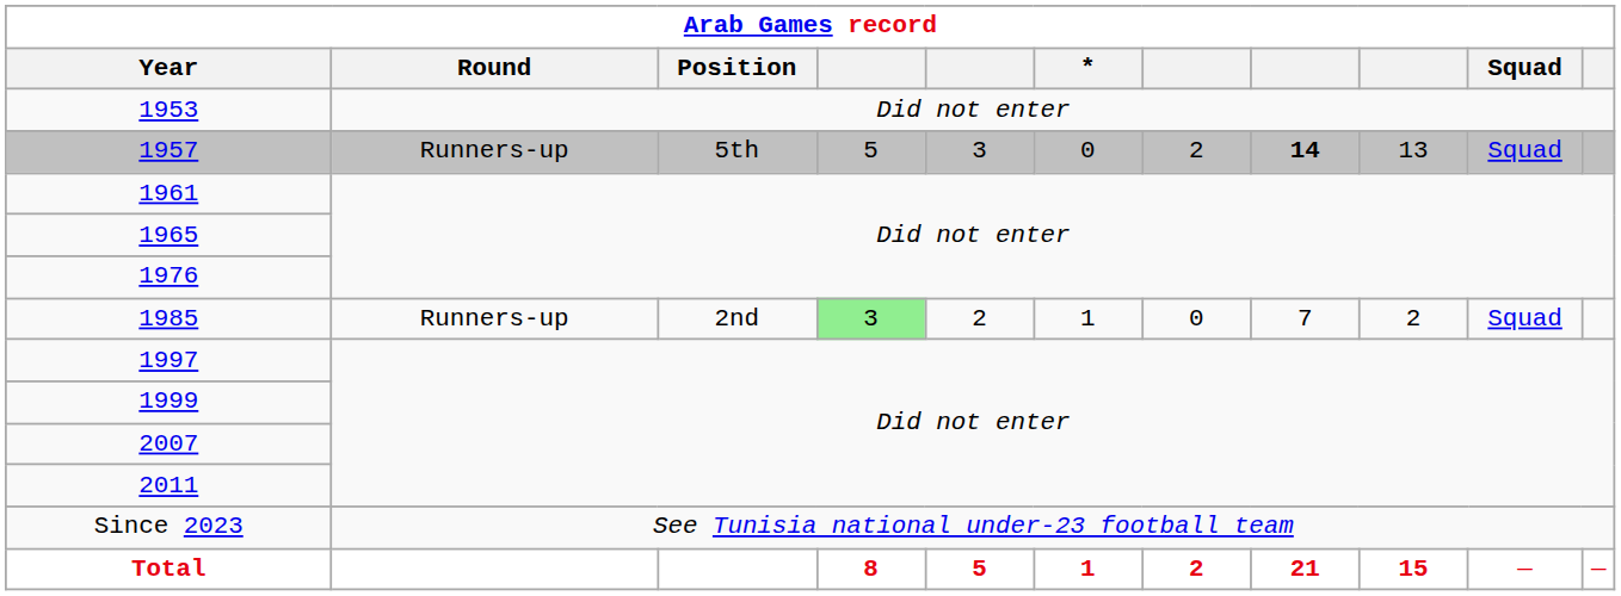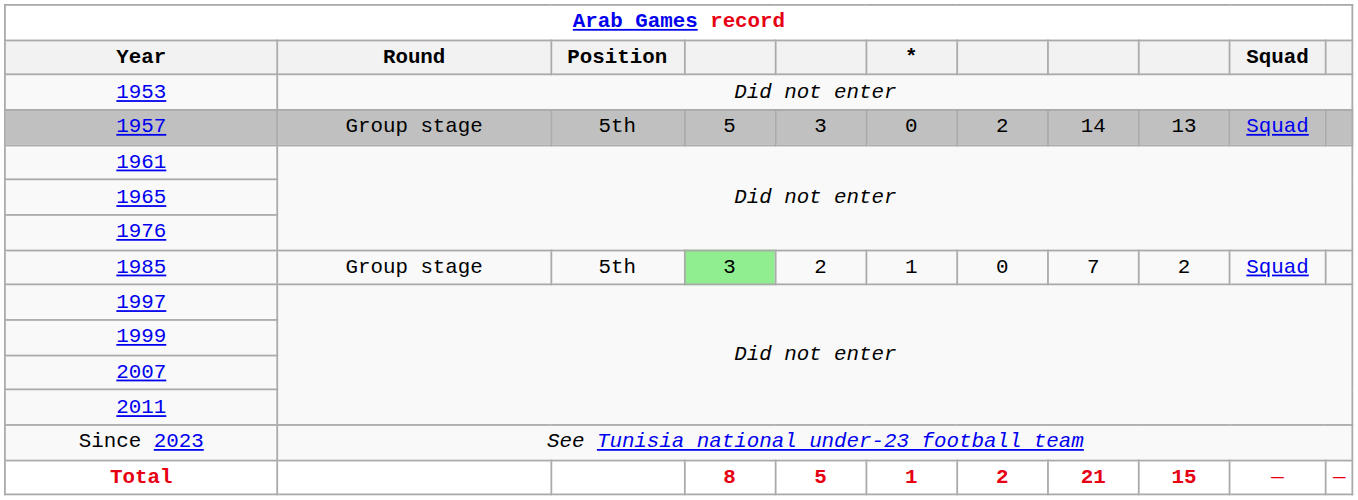 <table class="wikitable" style="font-size:90%; text-align:center;" width="60%">
 <tr>
 <th colspan="11" style="background:#FFFFFF; color:#E70013; "><a href='#'><span>Arab Games</span></a> record</th>
 </tr>
 <tr>
 <th width="15%">Year</th>
 <th width="15%">Round</th>
 <th width="5%">Position</th>
 <th width="5%"></th>
 <th width="5%"></th>
 <th width="5%">*</th>
 <th width="5%"></th>
 <th width="5%"></th>
 <th width="5%"></th>
 <th width="5%">Squad</th>
 <th width="1%"></th>
 </tr>
 <tr>
 <td> <a href='#'>1953</a></td>
 <td colspan="10"><em>Did not enter</em></td>
 </tr>
 <tr style="background:silver;">
 <td> <a href='#'>1957</a></td>
-<td>Runners-up</td>
+<td>Group stage</td>
 <td>5th</td>
 <td>5</td>
 <td>3</td>
 <td>0</td>
 <td>2</td>
-<td><strong>14</strong></td>
+<td>14</td>
 <td>13</td>
 <td><a href='#'>Squad</a></td>
 <td></td>
 </tr>
 <tr>
 <td> <a href='#'>1961</a></td>
 <td colspan="10" rowspan="3"><em>Did not enter</em></td>
 </tr>
 <tr>
 <td> <a href='#'>1965</a></td>
 </tr>
 <tr>
 <td> <a href='#'>1976</a></td>
 </tr>
 <tr>
 <td> <a href='#'>1985</a></td>
-<td>Runners-up</td>
-<td>2nd</td>
+<td>Group stage</td>
+<td>5th</td>
 <td style="background: lightgreen;">3</td>
 <td>2</td>
 <td>1</td>
 <td>0</td>
 <td>7</td>
 <td>2</td>
 <td><a href='#'>Squad</a></td>
 <td></td>
 </tr>
 <tr>
 <td> <a href='#'>1997</a></td>
 <td colspan="10" rowspan="4"><em>Did not enter</em></td>
 </tr>
 <tr>
 <td> <a href='#'>1999</a></td>
 </tr>
 <tr>
 <td> <a href='#'>2007</a></td>
 </tr>
 <tr>
 <td> <a href='#'>2011</a></td>
 </tr>
 <tr>
 <td>Since  <a href='#'>2023</a></td>
 <td colspan="10"><em>See <a href='#'>Tunisia national under-23 football team</a></em></td>
 </tr>
 <tr>
 <th style="background:#FFFFFF; color:#E70013; ">Total</th>
 <th style="background:#FFFFFF; color:#E70013; "></th>
 <th style="background:#FFFFFF; color:#E70013; "></th>
 <th style="background:#FFFFFF; color:#E70013; ">8</th>
 <th style="background:#FFFFFF; color:#E70013; ">5</th>
 <th style="background:#FFFFFF; color:#E70013; ">1</th>
 <th style="background:#FFFFFF; color:#E70013; ">2</th>
 <th style="background:#FFFFFF; color:#E70013; ">21</th>
 <th style="background:#FFFFFF; color:#E70013; ">15</th>
 <td style="background:#FFFFFF; color:#E70013; ">—</td>
 <td style="background:#FFFFFF; color:#E70013; ">—</td>
 </tr>
 </table>
